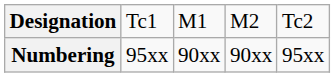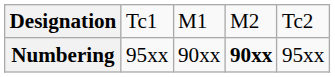 <table class="wikitable">
 <tr>
 <th>Designation</th>
 <td>Tc1</td>
 <td>M1</td>
 <td>M2</td>
 <td>Tc2</td>
 </tr>
 <tr>
 <th>Numbering</th>
 <td>95xx</td>
 <td>90xx</td>
-<td>90xx</td>
+<td><strong>90xx</strong></td>
 <td>95xx</td>
 </tr>
 </table>
